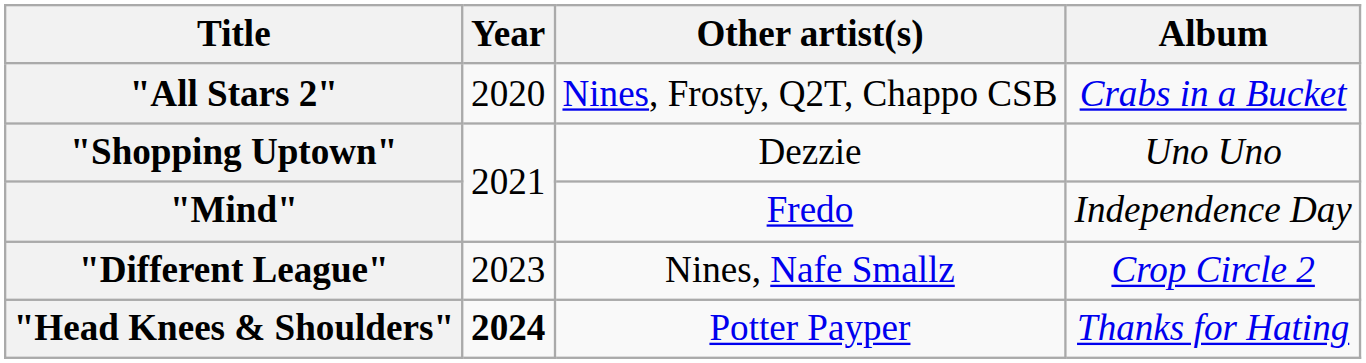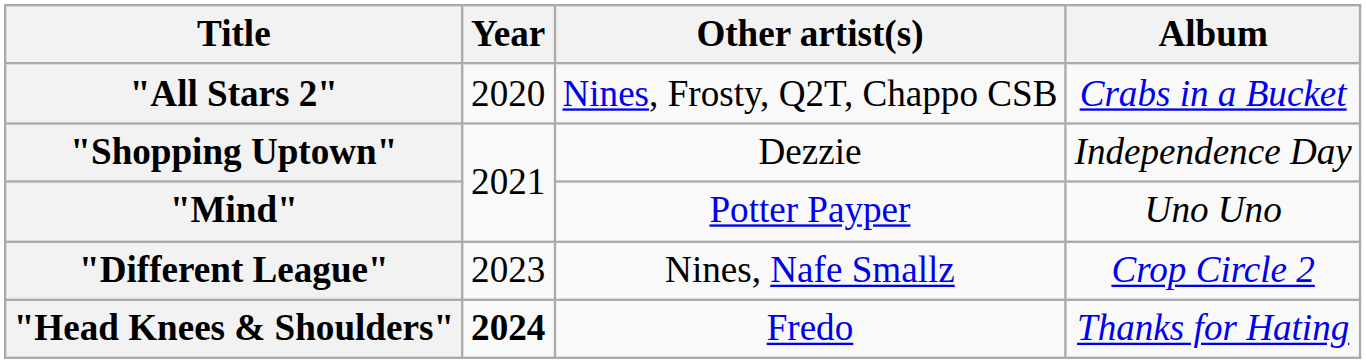 <table class="wikitable plainrowheaders" style="text-align:center;">
 <tr>
 <th scope="col">Title</th>
 <th scope="col">Year</th>
 <th scope="col">Other artist(s)</th>
 <th scope="col">Album</th>
 </tr>
 <tr>
 <th scope="row">"All Stars 2"</th>
 <td>2020</td>
 <td><a href='#'>Nines</a>, Frosty, Q2T, Chappo CSB</td>
 <td><em><a href='#'>Crabs in a Bucket</a></em></td>
 </tr>
 <tr>
 <th scope="row">"Shopping Uptown"</th>
 <td rowspan="2">2021</td>
 <td>Dezzie</td>
-<td><em>Uno Uno</em></td>
+<td><em>Independence Day</em></td>
 </tr>
 <tr>
 <th scope="row">"Mind"</th>
-<td><a href='#'>Fredo</a></td>
-<td><em>Independence Day</em></td>
+<td><a href='#'>Potter Payper</a></td>
+<td><em>Uno Uno</em></td>
 </tr>
 <tr>
 <th scope="row">"Different League"</th>
 <td>2023</td>
 <td>Nines, <a href='#'>Nafe Smallz</a></td>
 <td><em><a href='#'>Crop Circle 2</a></em></td>
 </tr>
 <tr>
 <th scope="row">"Head Knees & Shoulders"</th>
 <td><strong>2024</strong></td>
-<td><a href='#'>Potter Payper</a></td>
+<td><a href='#'>Fredo</a></td>
 <td><em><a href='#'>Thanks for Hating</a></em></td>
 </tr>
 </table>
